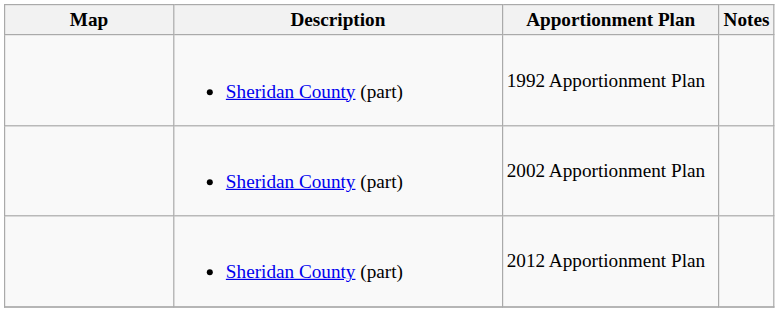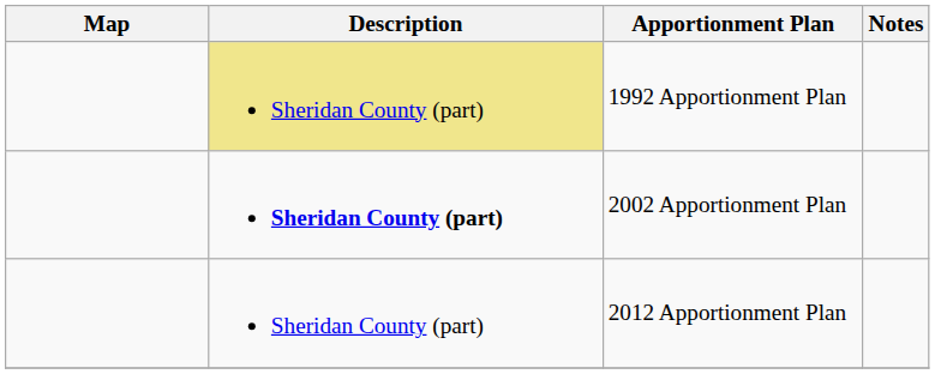 <table class="wikitable sortable">
 <tr>
 <th style="width:100pt;">Map</th>
 <th style="width:200pt;">Description</th>
 <th style="width:130pt;">Apportionment Plan</th>
 <th style="width:15pt;">Notes</th>
 </tr>
 <tr>
 <td></td>
-<td><br><ul><li><a href='#'>Sheridan County</a> (part)</li></ul></td>
+<td style="background: khaki;"><br><ul><li><a href='#'>Sheridan County</a> (part)</li></ul></td>
 <td>1992 Apportionment Plan</td>
 <td></td>
 </tr>
 <tr>
 <td></td>
-<td><br><ul><li><a href='#'>Sheridan County</a> (part)</li></ul></td>
+<td><strong><br><ul><li><a href='#'>Sheridan County</a> (part)</li></ul></strong></td>
 <td>2002 Apportionment Plan</td>
 <td></td>
 </tr>
 <tr>
 <td></td>
 <td><br><ul><li><a href='#'>Sheridan County</a> (part)</li></ul></td>
 <td>2012 Apportionment Plan</td>
 <td></td>
 </tr>
 <tr>
 </tr>
 </table>
